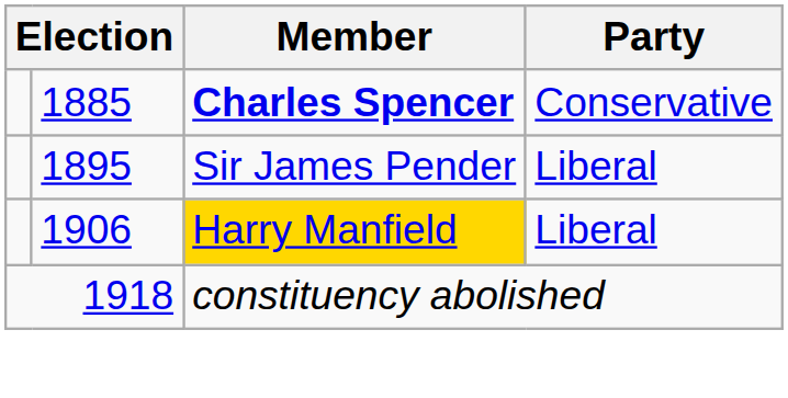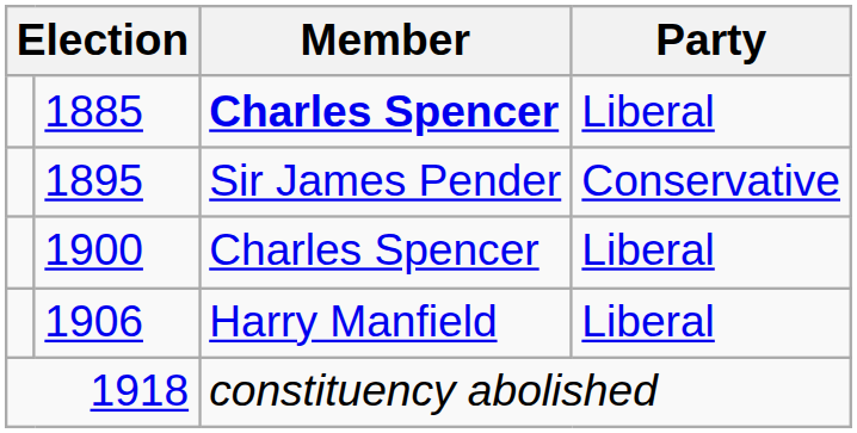 <table class="wikitable">
 <tr>
 <th colspan="2">Election</th>
 <th>Member</th>
 <th>Party</th>
 </tr>
 <tr>
 <td style="color:inherit;background-color: "></td>
 <td><a href='#'>1885</a></td>
 <td><strong><a href='#'>Charles Spencer</a></strong></td>
-<td><a href='#'>Conservative</a></td>
+<td><a href='#'>Liberal</a></td>
 </tr>
 <tr>
 <td style="color:inherit;background-color: "></td>
 <td><a href='#'>1895</a></td>
 <td><a href='#'>Sir James Pender</a></td>
+<td><a href='#'>Conservative</a></td>
+</tr>
+<tr>
+<td style="color:inherit;background-color: "></td>
+<td><a href='#'>1900</a></td>
+<td><a href='#'>Charles Spencer</a></td>
 <td><a href='#'>Liberal</a></td>
 </tr>
 <tr>
 <td style="color:inherit;background-color: "></td>
 <td><a href='#'>1906</a></td>
-<td style="background: gold;"><a href='#'>Harry Manfield</a></td>
+<td><a href='#'>Harry Manfield</a></td>
 <td><a href='#'>Liberal</a></td>
 </tr>
 <tr>
 <td colspan="2" align="right"><a href='#'>1918</a></td>
 <td colspan="2"><em>constituency abolished</em></td>
 </tr>
 </table>
